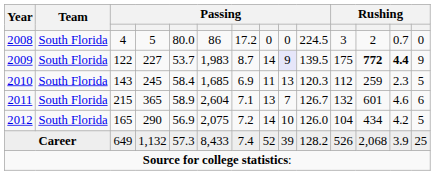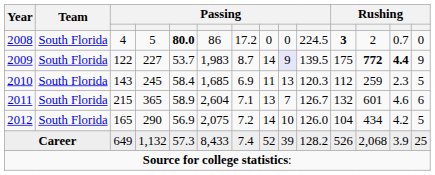 <table class="wikitable sortable" style="text-align:center;">
 <tr>
 <th rowspan=2>Year</th>
 <th rowspan=2>Team</th>
 <th colspan=8>Passing</th>
 <th colspan=4>Rushing</th>
 </tr>
 <tr>
 <th></th>
 <th></th>
 <th></th>
 <th></th>
 <th></th>
 <th></th>
 <th></th>
 <th></th>
 <th></th>
 <th></th>
 <th></th>
 <th></th>
 </tr>
 <tr>
 <td><a href='#'>2008</a></td>
 <td><a href='#'>South Florida</a></td>
 <td>4</td>
 <td>5</td>
-<td>80.0</td>
+<td><strong>80.0</strong></td>
 <td>86</td>
 <td>17.2</td>
 <td>0</td>
 <td>0</td>
 <td>224.5</td>
-<td>3</td>
+<td><strong>3</strong></td>
 <td>2</td>
 <td>0.7</td>
 <td>0</td>
 </tr>
 <tr>
 <td><a href='#'>2009</a></td>
 <td><a href='#'>South Florida</a></td>
 <td>122</td>
 <td>227</td>
 <td>53.7</td>
 <td>1,983</td>
 <td>8.7</td>
 <td>14</td>
 <td style="background: lavender;">9</td>
 <td>139.5</td>
 <td>175</td>
 <td><strong>772</strong></td>
 <td><strong>4.4</strong></td>
 <td>9</td>
 </tr>
 <tr>
 <td><a href='#'>2010</a></td>
 <td><a href='#'>South Florida</a></td>
 <td>143</td>
 <td>245</td>
 <td>58.4</td>
 <td>1,685</td>
 <td>6.9</td>
 <td>11</td>
 <td>13</td>
 <td>120.3</td>
 <td>112</td>
 <td>259</td>
 <td>2.3</td>
 <td>5</td>
 </tr>
 <tr>
 <td><a href='#'>2011</a></td>
 <td><a href='#'>South Florida</a></td>
 <td>215</td>
 <td>365</td>
 <td>58.9</td>
 <td>2,604</td>
 <td>7.1</td>
 <td>13</td>
 <td>7</td>
 <td>126.7</td>
 <td>132</td>
 <td>601</td>
 <td>4.6</td>
 <td>6</td>
 </tr>
 <tr>
 <td><a href='#'>2012</a></td>
 <td><a href='#'>South Florida</a></td>
 <td>165</td>
 <td>290</td>
 <td>56.9</td>
 <td>2,075</td>
 <td>7.2</td>
 <td>14</td>
 <td>10</td>
 <td>126.0</td>
 <td>104</td>
 <td>434</td>
 <td>4.2</td>
 <td>5</td>
 </tr>
 <tr class="sortbottom" style="background:#eee;">
 <td colspan=2><strong>Career</strong></td>
 <td>649</td>
 <td>1,132</td>
 <td>57.3</td>
 <td>8,433</td>
 <td>7.4</td>
 <td>52</td>
 <td>39</td>
 <td>128.2</td>
 <td>526</td>
 <td>2,068</td>
 <td>3.9</td>
 <td>25</td>
 </tr>
 <tr>
 <td colspan=14><strong>Source for college statistics</strong>:</td>
 </tr>
 </table>
